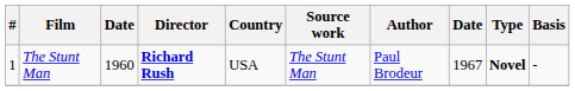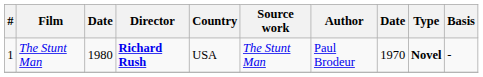 <table class="wikitable">
 <tr>
 <th>#</th>
 <th>Film</th>
 <th>Date</th>
 <th>Director</th>
 <th>Country</th>
 <th>Source<br>work</th>
 <th>Author</th>
 <th>Date</th>
 <th>Type</th>
 <th>Basis</th>
 </tr>
 <tr>
 <td>1</td>
 <td><em><a href='#'>The Stunt Man</a></em></td>
-<td>1960</td>
+<td>1980</td>
 <td><strong><a href='#'>Richard Rush</a></strong></td>
 <td>USA</td>
 <td><em><a href='#'>The Stunt Man</a></em></td>
 <td><a href='#'>Paul Brodeur</a></td>
-<td>1967 </td>
+<td>1970 </td>
 <td><strong>Novel</strong></td>
 <td>-</td>
 </tr>
 <tr>
 </tr>
 </table>
